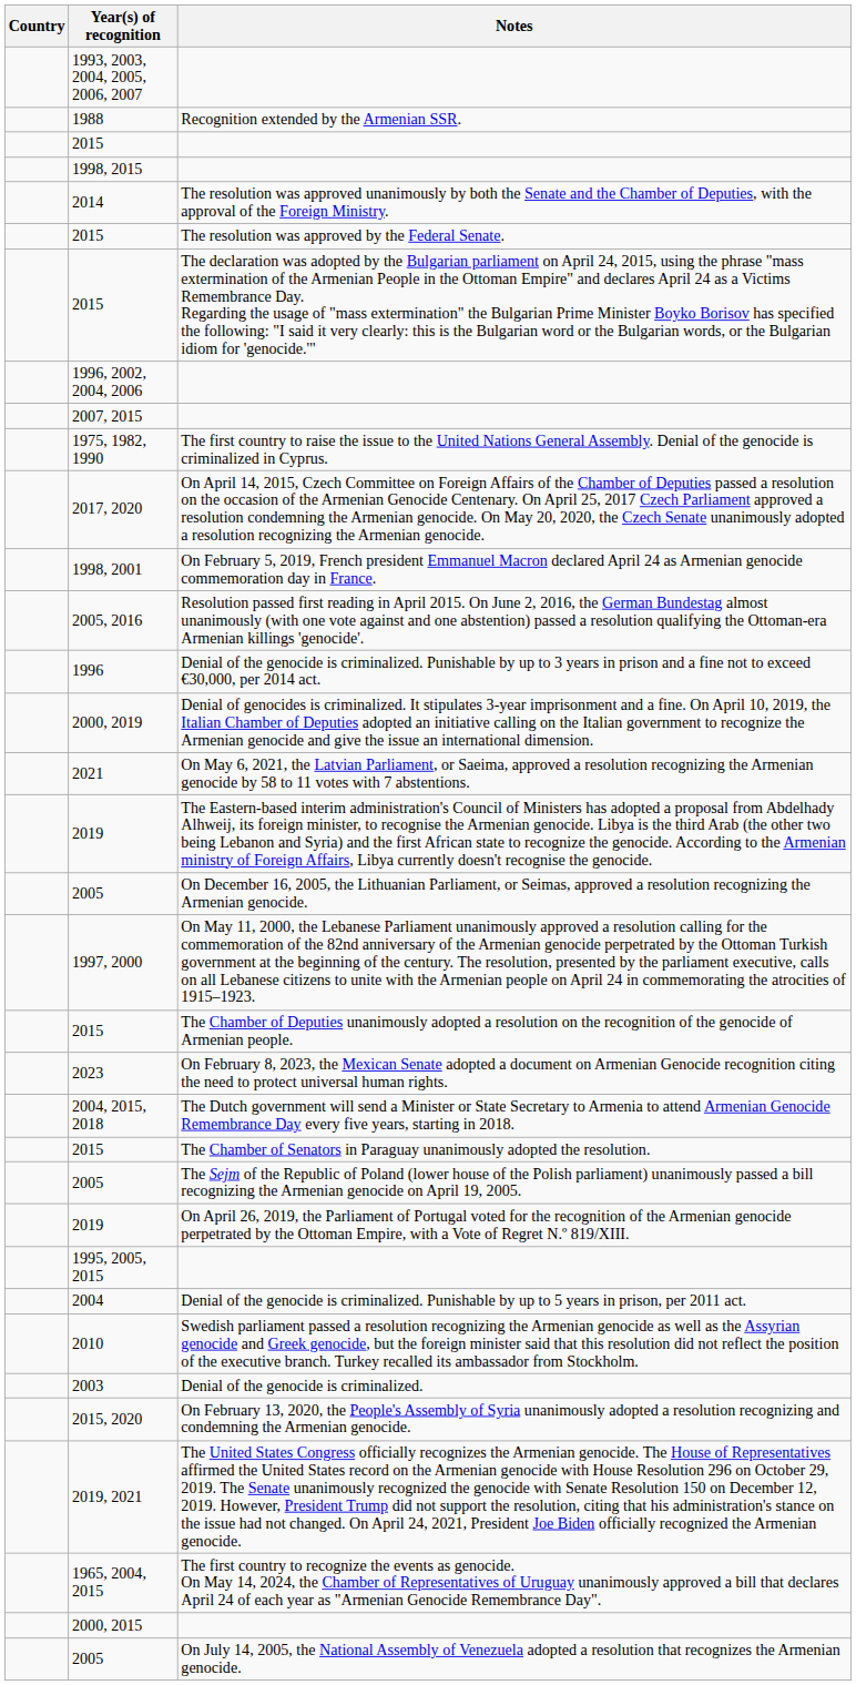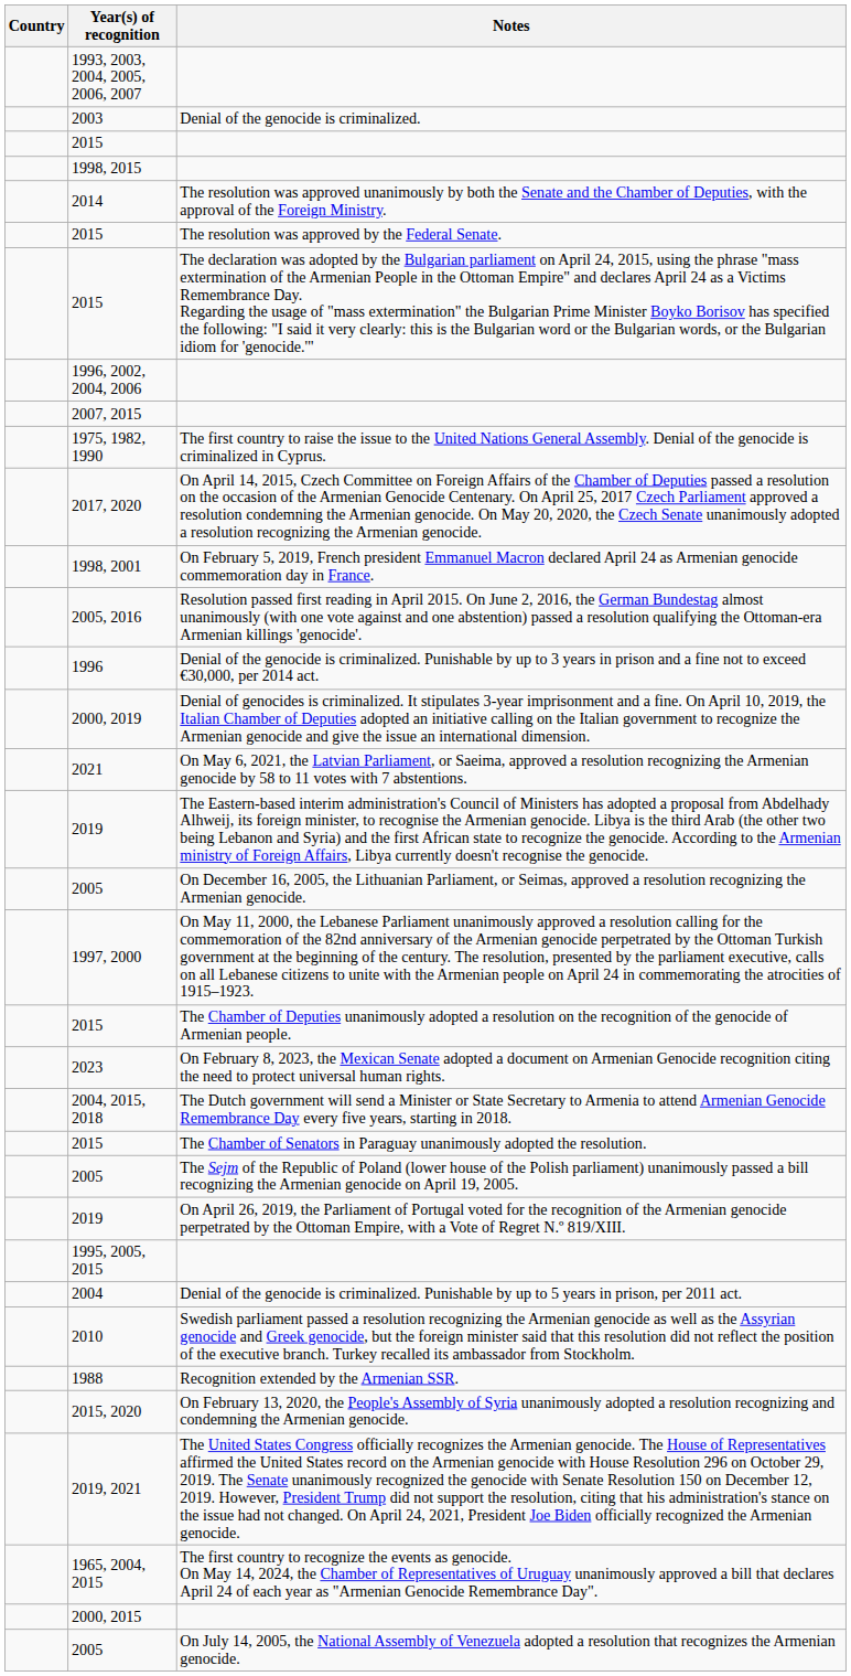 <table class="wikitable sortable nowraplinks">
 <tr>
 <th>Country</th>
 <th>Year(s) of recognition</th>
 <th>Notes</th>
 </tr>
 <tr>
 <td></td>
 <td>1993, 2003, 2004, 2005, 2006, 2007</td>
 <td></td>
 </tr>
 <tr>
 <td></td>
-<td>1988</td>
-<td>Recognition extended by the <a href='#'>Armenian SSR</a>.</td>
+<td>2003</td>
+<td>Denial of the genocide is criminalized.<br></td>
 </tr>
 <tr>
 <td></td>
 <td>2015</td>
 <td></td>
 </tr>
 <tr>
 <td></td>
 <td>1998, 2015</td>
 <td></td>
 </tr>
 <tr>
 <td></td>
 <td>2014</td>
 <td>The resolution was approved unanimously by both the <a href='#'>Senate and the Chamber of Deputies</a>, with the approval of the <a href='#'>Foreign Ministry</a>.</td>
 </tr>
 <tr>
 <td></td>
 <td>2015</td>
 <td>The resolution was approved  by the <a href='#'>Federal Senate</a>.</td>
 </tr>
 <tr>
 <td></td>
 <td>2015</td>
 <td>The declaration was adopted by the <a href='#'>Bulgarian parliament</a> on April 24, 2015, using the phrase "mass extermination of the Armenian People in the Ottoman Empire" and declares April 24 as a Victims Remembrance Day.<br>Regarding the usage of "mass extermination" the Bulgarian Prime Minister <a href='#'>Boyko Borisov</a> has specified the following: "I said it very clearly: this is the Bulgarian word or the Bulgarian words, or the Bulgarian idiom for 'genocide.'" </td>
 </tr>
 <tr>
 <td></td>
 <td>1996, 2002, 2004, 2006</td>
 <td></td>
 </tr>
 <tr>
 <td></td>
 <td>2007, 2015</td>
 <td></td>
 </tr>
 <tr>
 <td></td>
 <td>1975, 1982, 1990</td>
 <td>The first country to raise the issue to the <a href='#'>United Nations General Assembly</a>. Denial of the genocide is criminalized in Cyprus.</td>
 </tr>
 <tr>
 <td class="nowrap"></td>
 <td>2017, 2020</td>
 <td>On April 14, 2015, Czech Committee on Foreign Affairs of the <a href='#'>Chamber of Deputies</a> passed a resolution on the occasion of the Armenian Genocide Centenary. On April 25, 2017 <a href='#'>Czech Parliament</a> approved a resolution condemning the Armenian genocide. On May 20, 2020, the <a href='#'>Czech Senate</a> unanimously adopted a resolution recognizing the Armenian genocide.</td>
 </tr>
 <tr>
 <td></td>
 <td>1998, 2001</td>
 <td>On February 5, 2019, French president <a href='#'>Emmanuel Macron</a> declared April 24 as Armenian genocide commemoration day in <a href='#'>France</a>.</td>
 </tr>
 <tr>
 <td></td>
 <td>2005, 2016</td>
 <td>Resolution passed first reading in April 2015. On June 2, 2016, the <a href='#'>German Bundestag</a> almost unanimously (with one vote against and one abstention) passed a resolution qualifying the Ottoman-era Armenian killings 'genocide'.</td>
 </tr>
 <tr>
 <td></td>
 <td>1996</td>
 <td>Denial of the genocide is criminalized. Punishable by up to 3 years in prison and a fine not to exceed €30,000, per 2014 act.</td>
 </tr>
 <tr>
 <td></td>
 <td>2000, 2019</td>
 <td>Denial of genocides is criminalized. It stipulates 3-year imprisonment and a  fine. On April 10, 2019, the <a href='#'>Italian Chamber of Deputies</a> adopted an initiative calling on the Italian government to recognize the Armenian genocide and give the issue an international dimension.</td>
 </tr>
 <tr>
 <td></td>
 <td>2021</td>
 <td>On May 6, 2021, the <a href='#'>Latvian Parliament</a>, or Saeima, approved a resolution recognizing the Armenian genocide by 58 to 11 votes with 7 abstentions.</td>
 </tr>
 <tr>
 <td></td>
 <td>2019</td>
 <td>The Eastern-based interim administration's Council of Ministers has adopted a proposal from Abdelhady Alhweij, its foreign minister, to recognise the Armenian genocide. Libya is the third Arab (the other two being Lebanon and Syria) and the first African state to recognize the genocide. According to the <a href='#'>Armenian ministry of Foreign Affairs</a>, Libya currently doesn't recognise the genocide.</td>
 </tr>
 <tr>
 <td></td>
 <td>2005</td>
 <td>On December 16, 2005, the Lithuanian Parliament, or Seimas, approved a resolution recognizing the Armenian genocide.</td>
 </tr>
 <tr>
 <td></td>
 <td>1997, 2000</td>
 <td>On May 11, 2000, the Lebanese Parliament unanimously approved a resolution calling for the commemoration of the 82nd anniversary of the Armenian genocide perpetrated by the Ottoman Turkish government at the beginning of the century. The resolution, presented by the parliament executive, calls on all Lebanese citizens to unite with the Armenian people on April 24 in commemorating the atrocities of 1915–1923.</td>
 </tr>
 <tr>
 <td></td>
 <td>2015</td>
 <td>The <a href='#'>Chamber of Deputies</a> unanimously adopted a resolution on the recognition of the genocide of Armenian people.</td>
 </tr>
 <tr>
 <td></td>
 <td>2023</td>
 <td>On February 8, 2023, the <a href='#'>Mexican Senate</a> adopted a document on Armenian Genocide recognition citing the need to protect universal human rights.</td>
 </tr>
 <tr>
 <td></td>
 <td>2004, 2015, 2018</td>
 <td>The Dutch government will send a Minister or State Secretary to Armenia to attend <a href='#'>Armenian Genocide Remembrance Day</a> every five years, starting in 2018.</td>
 </tr>
 <tr>
 <td></td>
 <td>2015</td>
 <td>The <a href='#'>Chamber of Senators</a> in Paraguay unanimously adopted the resolution.</td>
 </tr>
 <tr>
 <td></td>
 <td>2005</td>
 <td>The <em><a href='#'>Sejm</a></em> of the Republic of Poland (lower house of the Polish parliament) unanimously passed a bill recognizing the Armenian genocide on April 19, 2005.</td>
 </tr>
 <tr>
 <td></td>
 <td>2019</td>
 <td>On April 26, 2019, the Parliament of Portugal voted for the recognition of the Armenian genocide perpetrated by the Ottoman Empire, with a Vote of Regret N.º 819/XIII.</td>
 </tr>
 <tr>
 <td></td>
 <td>1995, 2005, 2015</td>
 <td></td>
 </tr>
 <tr>
 <td></td>
 <td>2004</td>
 <td>Denial of the genocide is criminalized. Punishable by up to 5 years in prison, per 2011 act.</td>
 </tr>
 <tr>
 <td></td>
 <td>2010</td>
 <td>Swedish parliament passed a resolution recognizing the Armenian genocide as well as the <a href='#'>Assyrian genocide</a> and <a href='#'>Greek genocide</a>, but the foreign minister said that this resolution did not reflect the position of the executive branch. Turkey recalled its ambassador from Stockholm.</td>
 </tr>
 <tr>
 <td></td>
-<td>2003</td>
-<td>Denial of the genocide is criminalized.<br></td>
+<td>1988</td>
+<td>Recognition extended by the <a href='#'>Armenian SSR</a>.</td>
 </tr>
 <tr>
 <td></td>
 <td>2015, 2020</td>
 <td>On February 13, 2020, the <a href='#'>People's Assembly of Syria</a> unanimously adopted a resolution recognizing and condemning the Armenian genocide.</td>
 </tr>
 <tr>
 <td class="nowrap"></td>
 <td>2019, 2021</td>
 <td>The <a href='#'>United States Congress</a> officially recognizes the Armenian genocide. The <a href='#'>House of Representatives</a> affirmed the United States record on the Armenian genocide with House Resolution 296 on October 29, 2019. The <a href='#'>Senate</a> unanimously recognized the genocide with Senate Resolution 150 on December 12, 2019. However, <a href='#'>President Trump</a> did not support the resolution, citing that his administration's stance on the issue had not changed. On April 24, 2021, President <a href='#'>Joe Biden</a> officially recognized the Armenian genocide.</td>
 </tr>
 <tr>
 <td></td>
 <td>1965, 2004, 2015</td>
 <td>The first country to recognize the events as genocide.<br>On May 14, 2024, the <a href='#'>Chamber of Representatives of Uruguay</a> unanimously approved a bill that declares April 24 of each year as "Armenian Genocide Remembrance Day".</td>
 </tr>
 <tr>
 <td></td>
 <td>2000, 2015</td>
 <td></td>
 </tr>
 <tr>
 <td></td>
 <td>2005</td>
 <td>On July 14, 2005, the <a href='#'>National Assembly of Venezuela</a> adopted a resolution that recognizes the Armenian genocide.</td>
 </tr>
 </table>
